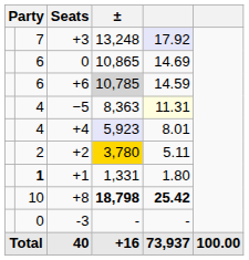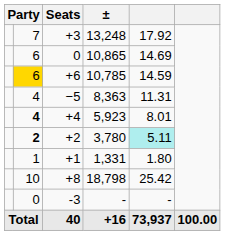 <table class=wikitable>
 <tr>
 <th colspan=2 align=center>Party</th>
 <th>Seats</th>
 <th>±</th>
 <th></th>
 <th></th>
 </tr>
 <tr>
 <td></td>
 <td align=right>7</td>
 <td align=right>+3</td>
 <td align=right>13,248</td>
-<td align=right style="background: lavender;">17.92</td>
+<td align=right>17.92</td>
 </tr>
 <tr>
 <td></td>
 <td align=right>6</td>
 <td align=right>0</td>
 <td align=right>10,865</td>
 <td align=right>14.69</td>
 </tr>
 <tr>
 <td></td>
-<td align=right>6</td>
+<td align=right style="background: gold;">6</td>
 <td align=right>+6</td>
-<td align=right style="background: lightgrey;">10,785</td>
+<td align=right>10,785</td>
 <td align=right>14.59</td>
 </tr>
 <tr>
 <td></td>
 <td align=right>4</td>
 <td align=right>−5</td>
 <td align=right>8,363</td>
-<td align=right style="background: lightyellow;">11.31</td>
+<td align=right>11.31</td>
 </tr>
 <tr>
 <td></td>
-<td align=right>4</td>
+<td align=right><strong>4</strong></td>
 <td align=right>+4</td>
-<td align=right style="background: lavender;">5,923</td>
+<td align=right>5,923</td>
 <td align=right>8.01</td>
 </tr>
 <tr>
 <td></td>
-<td align=right>2</td>
+<td align=right><strong>2</strong></td>
 <td align=right>+2</td>
-<td align=right style="background: gold;">3,780</td>
-<td align=right>5.11</td>
+<td align=right>3,780</td>
+<td align=right style="background: paleturquoise;">5.11</td>
 </tr>
 <tr>
 <td></td>
-<td align=right><strong>1</strong></td>
+<td align=right>1</td>
 <td align=right>+1</td>
 <td align=right>1,331</td>
 <td align=right>1.80</td>
 </tr>
 <tr>
 <td></td>
 <td align=right>10</td>
 <td align=right>+8</td>
-<td align=right><strong>18,798</strong></td>
-<td align=right><strong>25.42</strong></td>
+<td align=right>18,798</td>
+<td align=right>25.42</td>
 </tr>
 <tr>
 <td></td>
 <td align=right>0</td>
 <td align=right>-3</td>
 <td align=right>-</td>
 <td align=right>-</td>
 </tr>
 <tr style="font-weight:bold; background:rgb(232,232,232);">
 <td colspan=2 align=center>Total</td>
 <td align=right>40</td>
 <td align=right>+16</td>
 <td align=right>73,937</td>
 <td align=center>100.00</td>
 </tr>
 </table>
